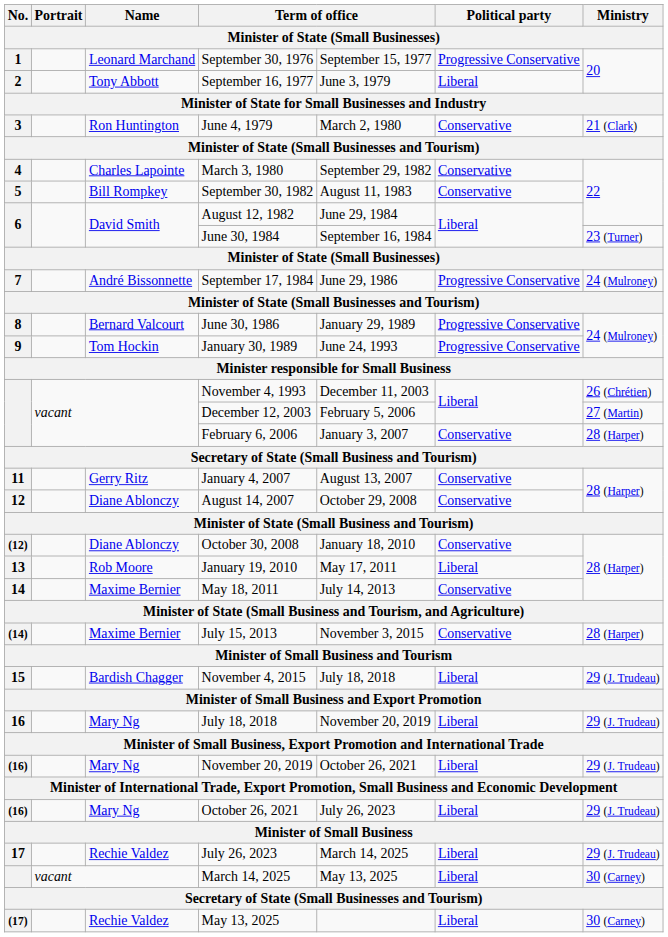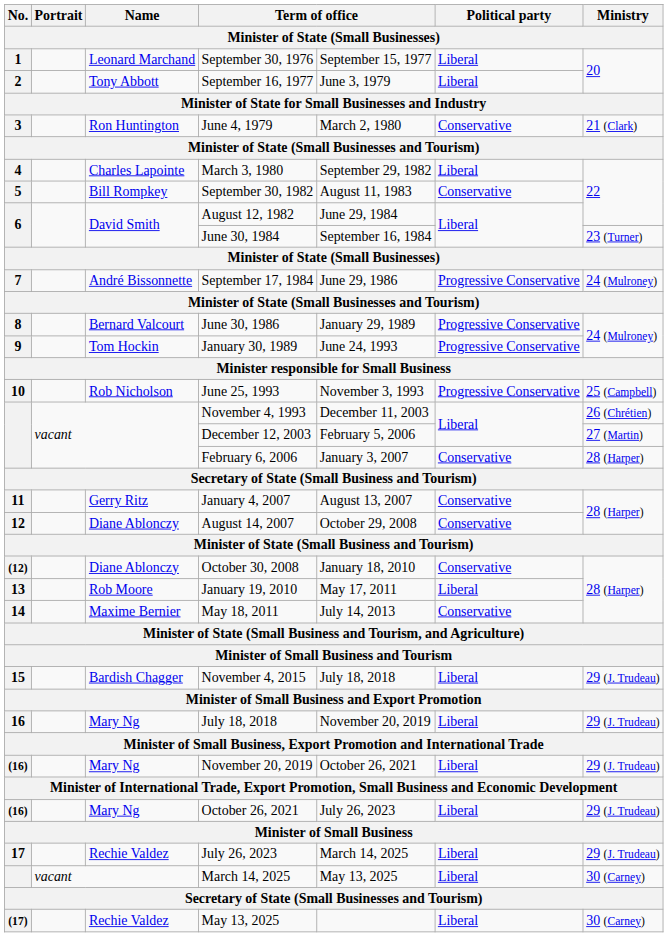 <table class="wikitable">
 <tr>
 <th>No.</th>
 <th>Portrait</th>
 <th>Name</th>
 <th colspan=2>Term of office</th>
 <th>Political party</th>
 <th>Ministry</th>
 </tr>
 <tr>
 <th colspan=7>Minister of State (Small Businesses)</th>
 </tr>
 <tr>
 <th style="background:">1</th>
 <td></td>
 <td><a href='#'>Leonard Marchand</a></td>
 <td>September 30, 1976</td>
 <td>September 15, 1977</td>
-<td><a href='#'>Progressive Conservative</a></td>
+<td><a href='#'>Liberal</a></td>
 <td rowspan=2><a href='#'>20</a> <small></small></td>
 </tr>
 <tr>
 <th style="background:">2</th>
 <td></td>
 <td><a href='#'>Tony Abbott</a></td>
 <td>September 16, 1977</td>
 <td>June 3, 1979</td>
 <td><a href='#'>Liberal</a></td>
 </tr>
 <tr>
 <th colspan=7>Minister of State for Small Businesses and Industry</th>
 </tr>
 <tr>
 <th style="background:">3</th>
 <td></td>
 <td><a href='#'>Ron Huntington</a></td>
 <td>June 4, 1979</td>
 <td>March 2, 1980</td>
 <td><a href='#'>Conservative</a></td>
 <td><a href='#'>21</a> <small>(<a href='#'>Clark</a>)</small></td>
 </tr>
 <tr>
 <th colspan=7>Minister of State (Small Businesses and Tourism)</th>
 </tr>
 <tr>
 <th style="background:">4</th>
 <td></td>
 <td><a href='#'>Charles Lapointe</a></td>
 <td>March 3, 1980</td>
 <td>September 29, 1982</td>
-<td><a href='#'>Conservative</a></td>
+<td><a href='#'>Liberal</a></td>
 <td rowspan=3><a href='#'>22</a> <small></small></td>
 </tr>
 <tr>
 <th style="background:">5</th>
 <td></td>
 <td><a href='#'>Bill Rompkey</a></td>
 <td>September 30, 1982</td>
 <td>August 11, 1983</td>
 <td><a href='#'>Conservative</a></td>
 </tr>
 <tr>
 <th rowspan=2 style="background:">6</th>
 <td rowspan=2></td>
 <td rowspan=2><a href='#'>David Smith</a></td>
 <td>August 12, 1982</td>
 <td>June 29, 1984</td>
 <td rowspan=2><a href='#'>Liberal</a></td>
 </tr>
 <tr>
 <td>June 30, 1984</td>
 <td>September 16, 1984</td>
 <td><a href='#'>23</a> <small>(<a href='#'>Turner</a>)</small></td>
 </tr>
 <tr>
 <th colspan=7>Minister of State (Small Businesses)</th>
 </tr>
 <tr>
 <th style="background:">7</th>
 <td></td>
 <td><a href='#'>André Bissonnette</a></td>
 <td>September 17, 1984</td>
 <td>June 29, 1986</td>
 <td><a href='#'>Progressive Conservative</a></td>
 <td rowspan=1><a href='#'>24</a> <small>(<a href='#'>Mulroney</a>)</small></td>
 </tr>
 <tr>
 <th colspan=7>Minister of State (Small Businesses and Tourism)</th>
 </tr>
 <tr>
 <th style="background:">8</th>
 <td></td>
 <td><a href='#'>Bernard Valcourt</a></td>
 <td>June 30, 1986</td>
 <td>January 29, 1989</td>
 <td><a href='#'>Progressive Conservative</a></td>
 <td rowspan=2><a href='#'>24</a> <small>(<a href='#'>Mulroney</a>)</small></td>
 </tr>
 <tr>
 <th style="background:">9</th>
 <td></td>
 <td><a href='#'>Tom Hockin</a></td>
 <td>January 30, 1989</td>
 <td>June 24, 1993</td>
 <td><a href='#'>Progressive Conservative</a></td>
 </tr>
 <tr>
 <th colspan=7>Minister responsible for Small Business</th>
+</tr>
+<tr>
+<th style="background:">10</th>
+<td></td>
+<td><a href='#'>Rob Nicholson</a></td>
+<td>June 25, 1993</td>
+<td>November 3, 1993</td>
+<td><a href='#'>Progressive Conservative</a></td>
+<td><a href='#'>25</a> <small>(<a href='#'>Campbell</a>)</small></td>
 </tr>
 <tr>
 <th rowspan="3" style="background:"></th>
 <td rowspan=3 colspan="2"><em>vacant</em></td>
 <td>November 4, 1993</td>
 <td>December 11, 2003</td>
 <td rowspan="2"><a href='#'>Liberal</a></td>
 <td><a href='#'>26</a> <small>(<a href='#'>Chrétien</a>)</small></td>
 </tr>
 <tr>
 <td>December 12, 2003</td>
 <td>February 5, 2006</td>
 <td><a href='#'>27</a> <small>(<a href='#'>Martin</a>)</small></td>
 </tr>
 <tr>
 <td>February 6, 2006</td>
 <td>January 3, 2007</td>
 <td><a href='#'>Conservative</a></td>
 <td rowspan=1><a href='#'>28</a> <small>(<a href='#'>Harper</a>)</small></td>
 </tr>
 <tr>
 <th colspan=7>Secretary of State (Small Business and Tourism)</th>
 </tr>
 <tr>
 <th style="background:">11</th>
 <td></td>
 <td><a href='#'>Gerry Ritz</a></td>
 <td>January 4, 2007</td>
 <td>August 13, 2007</td>
 <td><a href='#'>Conservative</a></td>
 <td rowspan=2><a href='#'>28</a> <small>(<a href='#'>Harper</a>)</small></td>
 </tr>
 <tr>
 <th style="background:">12</th>
 <td></td>
 <td><a href='#'>Diane Ablonczy</a></td>
 <td>August 14, 2007</td>
 <td>October 29, 2008</td>
 <td><a href='#'>Conservative</a></td>
 </tr>
 <tr>
 <th colspan=7>Minister of State (Small Business and Tourism)</th>
 </tr>
 <tr>
 <th style="background:"><small>(12)</small></th>
 <td></td>
 <td><a href='#'>Diane Ablonczy</a></td>
 <td>October 30, 2008</td>
 <td>January 18, 2010</td>
 <td><a href='#'>Conservative</a></td>
 <td rowspan=3><a href='#'>28</a> <small>(<a href='#'>Harper</a>)</small></td>
 </tr>
 <tr>
 <th style="background:">13</th>
 <td></td>
 <td><a href='#'>Rob Moore</a></td>
 <td>January 19, 2010</td>
 <td>May 17, 2011</td>
 <td><a href='#'>Liberal</a></td>
 </tr>
 <tr>
 <th style="background:">14</th>
 <td></td>
 <td><a href='#'>Maxime Bernier</a></td>
 <td>May 18, 2011</td>
 <td>July 14, 2013</td>
 <td><a href='#'>Conservative</a></td>
 </tr>
 <tr>
 <th colspan=7>Minister of State (Small Business and Tourism, and Agriculture)</th>
-</tr>
-<tr>
-<th style="background:"><small>(14)</small></th>
-<td></td>
-<td><a href='#'>Maxime Bernier</a></td>
-<td>July 15, 2013</td>
-<td>November 3, 2015</td>
-<td><a href='#'>Conservative</a></td>
-<td rowspan=1><a href='#'>28</a> <small>(<a href='#'>Harper</a>)</small></td>
 </tr>
 <tr>
 <th colspan=7>Minister of Small Business and Tourism</th>
 </tr>
 <tr>
 <th style="background:">15</th>
 <td></td>
 <td><a href='#'>Bardish Chagger</a></td>
 <td>November 4, 2015</td>
 <td>July 18, 2018</td>
 <td><a href='#'>Liberal</a></td>
 <td rowspan=1><a href='#'>29</a> <small>(<a href='#'>J. Trudeau</a>)</small></td>
 </tr>
 <tr>
 <th colspan=7>Minister of Small Business and Export Promotion</th>
 </tr>
 <tr>
 <th style="background:">16</th>
 <td></td>
 <td><a href='#'>Mary Ng</a></td>
 <td>July 18, 2018</td>
 <td>November 20, 2019</td>
 <td><a href='#'>Liberal</a></td>
 <td rowspan=1><a href='#'>29</a> <small>(<a href='#'>J. Trudeau</a>)</small></td>
 </tr>
 <tr>
 <th colspan=7>Minister of Small Business, Export Promotion and International Trade</th>
 </tr>
 <tr>
 <th style="background:"><small>(16)</small></th>
 <td></td>
 <td><a href='#'>Mary Ng</a></td>
 <td>November 20, 2019</td>
 <td>October 26, 2021</td>
 <td><a href='#'>Liberal</a></td>
 <td rowspan=1><a href='#'>29</a> <small>(<a href='#'>J. Trudeau</a>)</small></td>
 </tr>
 <tr>
 <th colspan=7>Minister of International Trade, Export Promotion, Small Business and Economic Development</th>
 </tr>
 <tr>
 <th style="background:"><small>(16)</small></th>
 <td></td>
 <td><a href='#'>Mary Ng</a></td>
 <td>October 26, 2021</td>
 <td>July 26, 2023</td>
 <td><a href='#'>Liberal</a></td>
 <td rowspan=1><a href='#'>29</a> <small>(<a href='#'>J. Trudeau</a>)</small></td>
 </tr>
 <tr>
 <th colspan=7>Minister of Small Business</th>
 </tr>
 <tr>
 <th style="background:">17</th>
 <td></td>
 <td><a href='#'>Rechie Valdez</a></td>
 <td>July 26, 2023</td>
 <td>March 14, 2025</td>
 <td><a href='#'>Liberal</a></td>
 <td><a href='#'>29</a> <small>(<a href='#'>J. Trudeau</a>)</small></td>
 </tr>
 <tr>
 <th style="background:"></th>
 <td colspan="2"><em>vacant</em></td>
 <td>March 14, 2025</td>
 <td>May 13, 2025</td>
 <td><a href='#'>Liberal</a></td>
 <td><a href='#'>30</a> <small>(<a href='#'>Carney</a>)</small></td>
 </tr>
 <tr>
 <th colspan=7>Secretary of State (Small Businesses and Tourism)</th>
 </tr>
 <tr>
 <th style="background:"><small>(17)</small></th>
 <td></td>
 <td><a href='#'>Rechie Valdez</a></td>
 <td>May 13, 2025</td>
 <td></td>
 <td><a href='#'>Liberal</a></td>
 <td><a href='#'>30</a> <small>(<a href='#'>Carney</a>)</small></td>
 </tr>
 </table>
